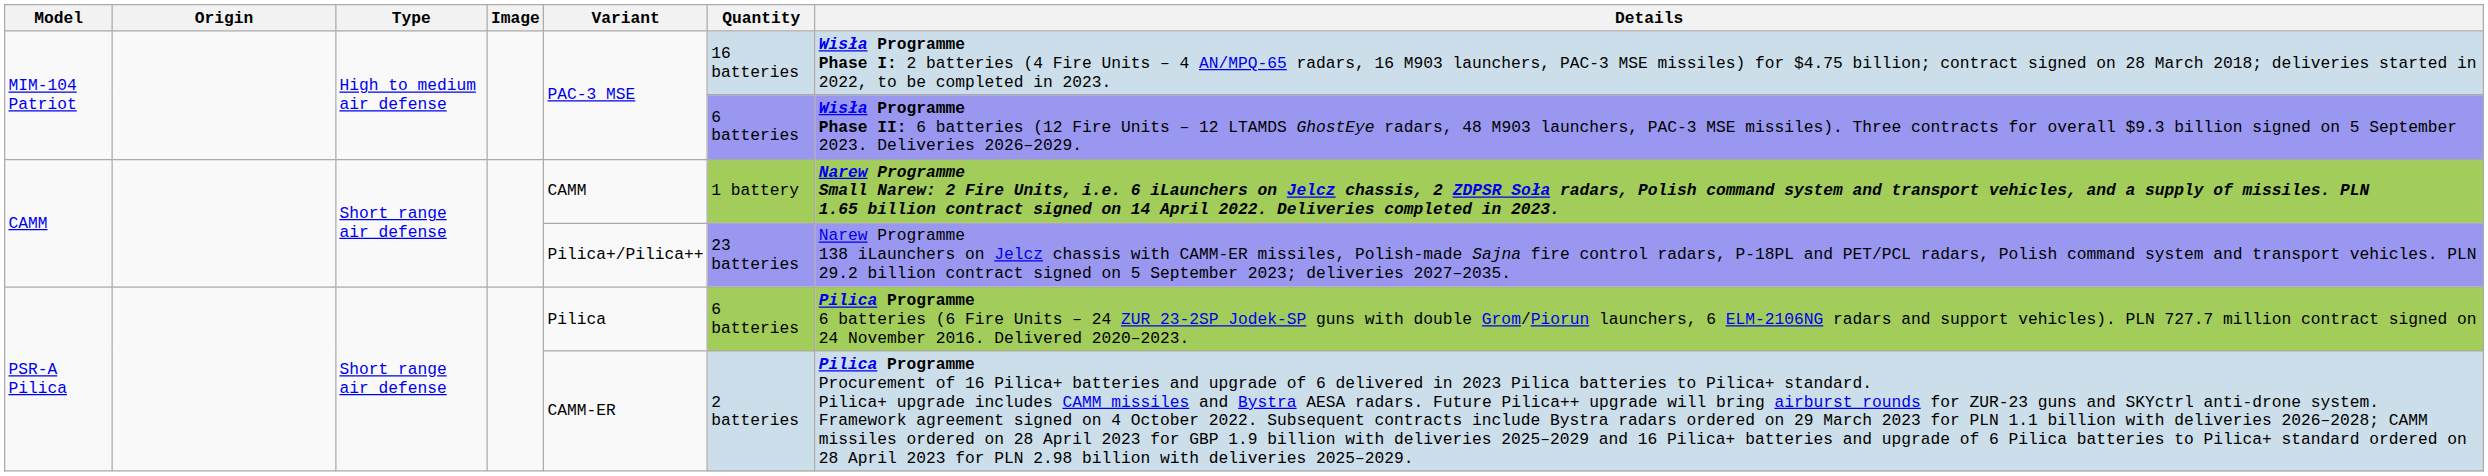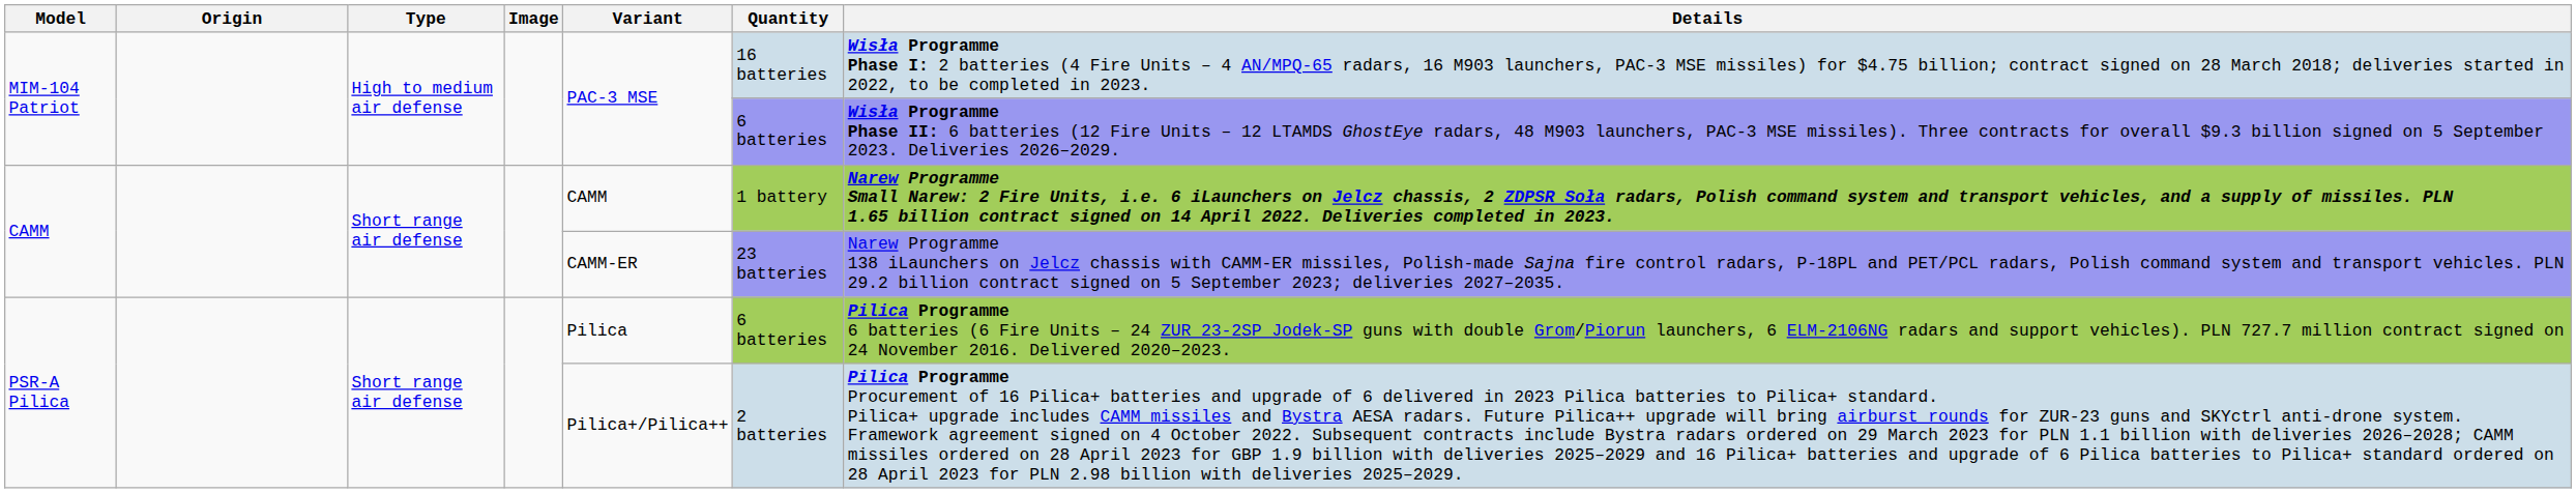 <table class="wikitable" width="100%">
 <tr>
 <th>Model</th>
 <th width="9%">Origin</th>
 <th>Type</th>
 <th>Image</th>
 <th>Variant</th>
 <th>Quantity</th>
 <th>Details</th>
 </tr>
 <tr>
 <td rowspan=2><a href='#'>MIM-104 Patriot</a></td>
 <td rowspan=2></td>
 <td rowspan=2><a href='#'>High to medium air defense</a></td>
 <td rowspan=2></td>
 <td rowspan=2><a href='#'>PAC-3 MSE</a></td>
 <td style="background:#ccdee9">16 batteries</td>
 <td style="background:#ccdee9"><strong><a href='#'><em>Wisła</em></a> Programme</strong><br><strong>Phase I:</strong> 2 batteries (4 Fire Units – 4 <a href='#'>AN/MPQ-65</a> radars, 16 M903 launchers, PAC-3 MSE missiles) for $4.75 billion; contract signed on 28 March 2018; deliveries started in 2022, to be completed in 2023.</td>
 </tr>
 <tr>
 <td style="background:#9997f0">6 batteries</td>
 <td style="background:#9997f0"><strong><a href='#'><em>Wisła</em></a> Programme</strong><br><strong>Phase II:</strong> 6 batteries (12 Fire Units – 12 LTAMDS <em>GhostEye</em> radars, 48 M903 launchers, PAC-3 MSE missiles). Three contracts for overall $9.3 billion signed on 5 September 2023. Deliveries 2026–2029.</td>
 </tr>
 <tr>
 <td rowspan=2><a href='#'>CAMM</a></td>
 <td rowspan=2></td>
 <td rowspan=2><a href='#'>Short range air defense</a></td>
 <td rowspan=2></td>
 <td>CAMM</td>
 <td style="background:#a2cd5a">1 battery</td>
 <td style="background:#a2cd5a"><strong><em><a href='#'>Narew</a><em> Programme<strong><br></em></strong>Small Narew<strong><em>: 2 Fire Units, i.e. 6 iLaunchers on <a href='#'>Jelcz</a> chassis, 2 <a href='#'>ZDPSR Soła</a> radars, Polish command system and transport vehicles, and a supply of missiles. PLN 1.65 billion contract signed on 14 April 2022. Deliveries completed in 2023.</td>
 </tr>
 <tr>
-<td>Pilica+/Pilica++</td>
+<td>CAMM-ER</td>
 <td style="background:#9997f0">23 batteries</td>
 <td style="background:#9997f0"></em></strong><a href='#'>Narew</a></em> Programme</strong><br>138 iLaunchers on <a href='#'>Jelcz</a> chassis with CAMM-ER missiles, Polish-made <em>Sajna</em> fire control radars, P-18PL and PET/PCL radars, Polish command system and transport vehicles. PLN 29.2 billion contract signed on 5 September 2023; deliveries 2027–2035.</td>
 </tr>
 <tr>
 <td rowspan=2><a href='#'>PSR-A Pilica</a></td>
 <td rowspan=2></td>
 <td rowspan=2><a href='#'>Short range air defense</a></td>
 <td rowspan=2></td>
 <td>Pilica</td>
 <td style="background:#a2cd5a">6 batteries</td>
 <td style="background:#a2cd5a"><strong><a href='#'><em>Pilica</em></a> Programme</strong><br>6 batteries (6 Fire Units – 24 <a href='#'>ZUR 23-2SP Jodek-SP</a> guns with double <a href='#'>Grom</a>/<a href='#'>Piorun</a> launchers, 6 <a href='#'>ELM-2106NG</a> radars and support vehicles). PLN 727.7 million contract signed on 24 November 2016. Delivered 2020–2023.</td>
 </tr>
 <tr>
-<td>CAMM-ER</td>
+<td>Pilica+/Pilica++</td>
 <td style="background:#ccdee9">2 batteries</td>
 <td style="background:#ccdee9"><strong><a href='#'><em>Pilica</em></a> Programme</strong><br>Procurement of 16 Pilica+ batteries and upgrade of 6 delivered in 2023 Pilica batteries to Pilica+ standard.<br>Pilica+ upgrade includes <a href='#'>CAMM missiles</a> and <a href='#'>Bystra</a> AESA radars. Future Pilica++ upgrade will bring <a href='#'>airburst rounds</a> for ZUR-23 guns and SKYctrl anti-drone system.<br>Framework agreement signed on 4 October 2022. Subsequent contracts include Bystra radars ordered on 29 March 2023 for PLN 1.1 billion with deliveries 2026–2028; CAMM missiles ordered on 28 April 2023 for GBP 1.9 billion with deliveries 2025–2029 and 16 Pilica+ batteries and upgrade of 6 Pilica batteries to Pilica+ standard ordered on 28 April 2023 for PLN 2.98 billion with deliveries 2025–2029.</td>
 </tr>
 </table>
